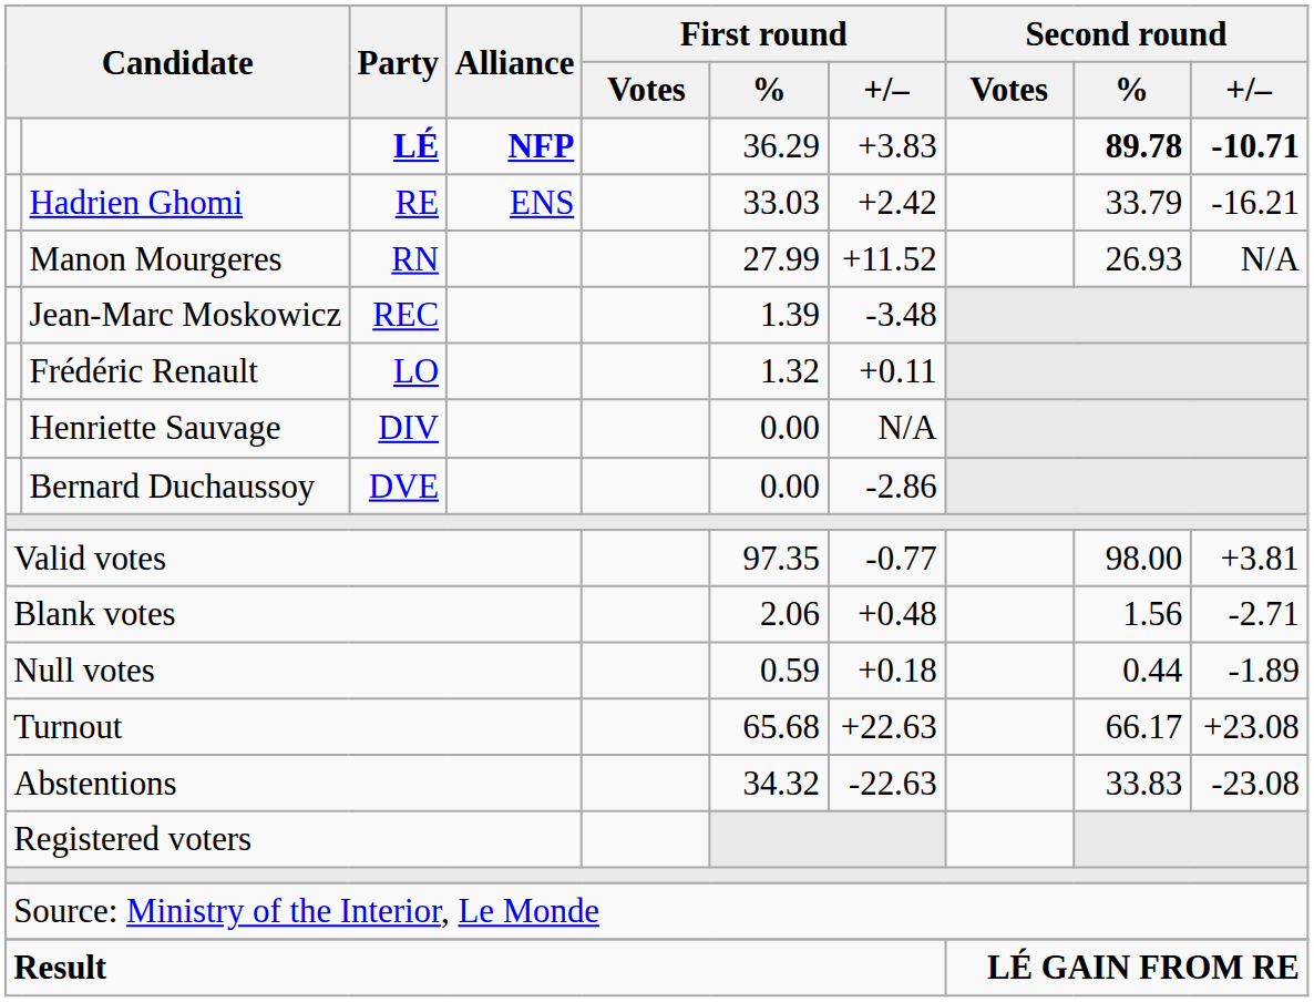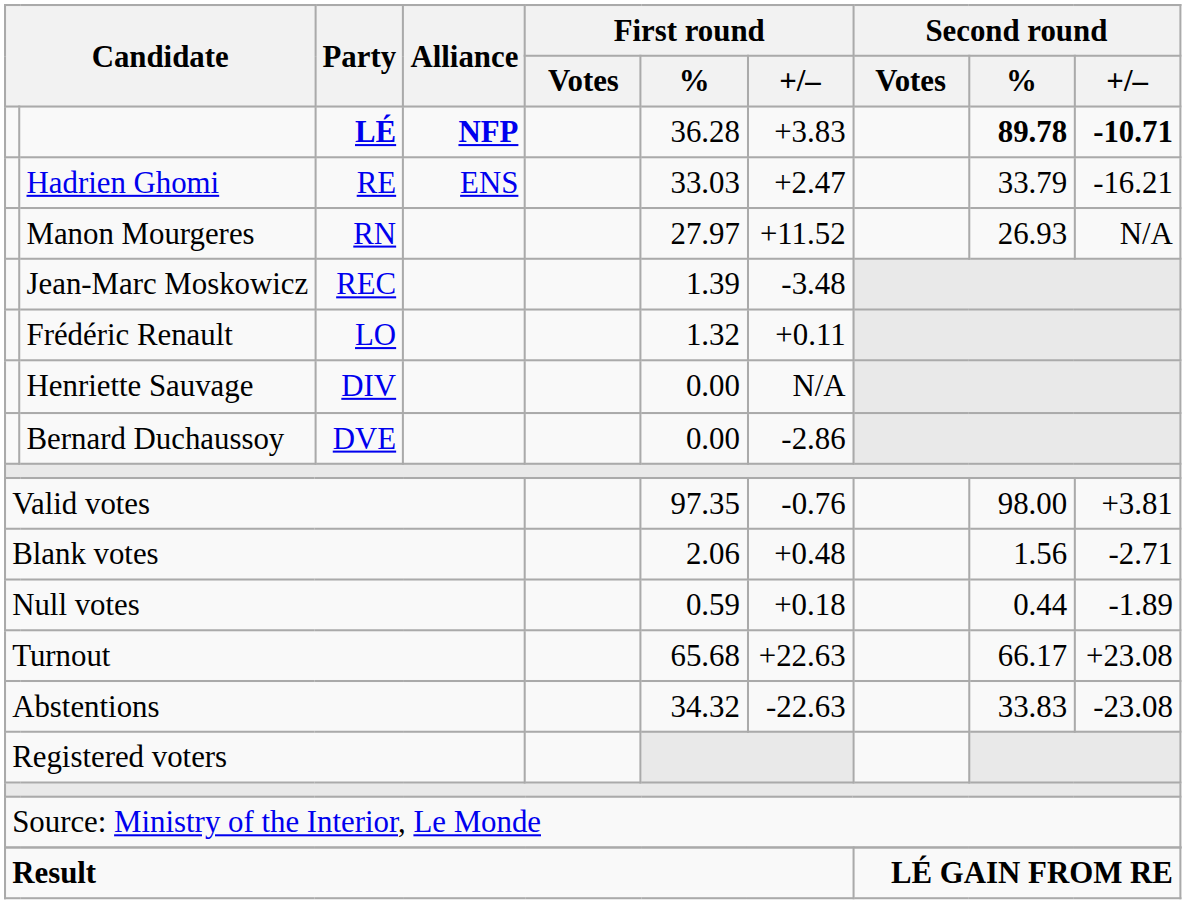 <table class="wikitable" style="text-align:right;font-size:95%;">
 <tr>
 <th rowspan="2" colspan="2">Candidate</th>
 <th rowspan="2">Party</th>
 <th rowspan="2">Alliance</th>
 <th colspan="3">First round</th>
 <th colspan="3">Second round</th>
 </tr>
 <tr>
 <th style="width:50px;">Votes</th>
 <th style="width:45px;">%</th>
 <th style="width:45px;">+/–</th>
 <th style="width:50px;">Votes</th>
 <th style="width:45px;">%</th>
 <th style="width:45px;">+/–</th>
 </tr>
 <tr>
 <td style="color:inherit;background:"></td>
 <td style="text-align:left;"><strong></strong></td>
 <td><a href='#'><strong>LÉ</strong></a></td>
 <td><a href='#'><strong>NFP</strong></a></td>
 <td></td>
-<td>36.29</td>
+<td>36.28</td>
 <td>+3.83</td>
 <td><strong></strong></td>
 <td><strong>89.78</strong></td>
 <td><strong>-10.71</strong></td>
 </tr>
 <tr>
 <td style="color:inherit;background:"></td>
 <td style="text-align:left;"><a href='#'>Hadrien Ghomi</a></td>
 <td><a href='#'>RE</a></td>
 <td><a href='#'>ENS</a></td>
 <td></td>
 <td>33.03</td>
-<td>+2.42</td>
+<td>+2.47</td>
 <td></td>
 <td>33.79</td>
 <td>-16.21</td>
 </tr>
 <tr>
 <td style="color:inherit;background:"></td>
 <td style="text-align:left;">Manon Mourgeres</td>
 <td><a href='#'>RN</a></td>
 <td></td>
 <td></td>
-<td>27.99</td>
+<td>27.97</td>
 <td>+11.52</td>
 <td></td>
 <td>26.93</td>
 <td>N/A</td>
 </tr>
 <tr>
 <td style="color:inherit;background:"></td>
 <td style="text-align:left;">Jean-Marc Moskowicz</td>
 <td><a href='#'>REC</a></td>
 <td></td>
 <td></td>
 <td>1.39</td>
 <td>-3.48</td>
 <td colspan="3" style="background:#E9E9E9;"></td>
 </tr>
 <tr>
 <td style="color:inherit;background:"></td>
 <td style="text-align:left;">Frédéric Renault</td>
 <td><a href='#'>LO</a></td>
 <td></td>
 <td></td>
 <td>1.32</td>
 <td>+0.11</td>
 <td colspan="3" style="background:#E9E9E9;"></td>
 </tr>
 <tr>
 <td style="color:inherit;background:"></td>
 <td style="text-align:left;">Henriette Sauvage</td>
 <td><a href='#'>DIV</a></td>
 <td></td>
 <td></td>
 <td>0.00</td>
 <td>N/A</td>
 <td colspan="3" style="background:#E9E9E9;"></td>
 </tr>
 <tr>
 <td style="color:inherit;background:"></td>
 <td style="text-align:left;">Bernard Duchaussoy</td>
 <td><a href='#'>DVE</a></td>
 <td></td>
 <td></td>
 <td>0.00</td>
 <td>-2.86</td>
 <td colspan="3" style="background:#E9E9E9;"></td>
 </tr>
 <tr>
 <td colspan="10" style="background:#E9E9E9;"></td>
 </tr>
 <tr>
 <td colspan="4" style="text-align:left;">Valid votes</td>
 <td></td>
 <td>97.35</td>
-<td>-0.77</td>
+<td>-0.76</td>
 <td></td>
 <td>98.00</td>
 <td>+3.81</td>
 </tr>
 <tr>
 <td colspan="4" style="text-align:left;">Blank votes</td>
 <td></td>
 <td>2.06</td>
 <td>+0.48</td>
 <td></td>
 <td>1.56</td>
 <td>-2.71</td>
 </tr>
 <tr>
 <td colspan="4" style="text-align:left;">Null votes</td>
 <td></td>
 <td>0.59</td>
 <td>+0.18</td>
 <td></td>
 <td>0.44</td>
 <td>-1.89</td>
 </tr>
 <tr>
 <td colspan="4" style="text-align:left;">Turnout</td>
 <td></td>
 <td>65.68</td>
 <td>+22.63</td>
 <td></td>
 <td>66.17</td>
 <td>+23.08</td>
 </tr>
 <tr>
 <td colspan="4" style="text-align:left;">Abstentions</td>
 <td></td>
 <td>34.32</td>
 <td>-22.63</td>
 <td></td>
 <td>33.83</td>
 <td>-23.08</td>
 </tr>
 <tr>
 <td colspan="4" style="text-align:left;">Registered voters</td>
 <td></td>
 <td colspan="2" style="background:#E9E9E9;"></td>
 <td></td>
 <td colspan="2" style="background:#E9E9E9;"></td>
 </tr>
 <tr>
 <td colspan="10" style="background:#E9E9E9;"></td>
 </tr>
 <tr>
 <td colspan="10" style="text-align:left;">Source: <a href='#'>Ministry of the Interior</a>, <a href='#'>Le Monde</a></td>
 </tr>
 <tr>
 </tr>
 <tr style="font-weight:bold">
 <td colspan="7" style="text-align:left;">Result</td>
 <td colspan="7" style="background-color:">LÉ GAIN FROM RE</td>
 </tr>
 </table>
